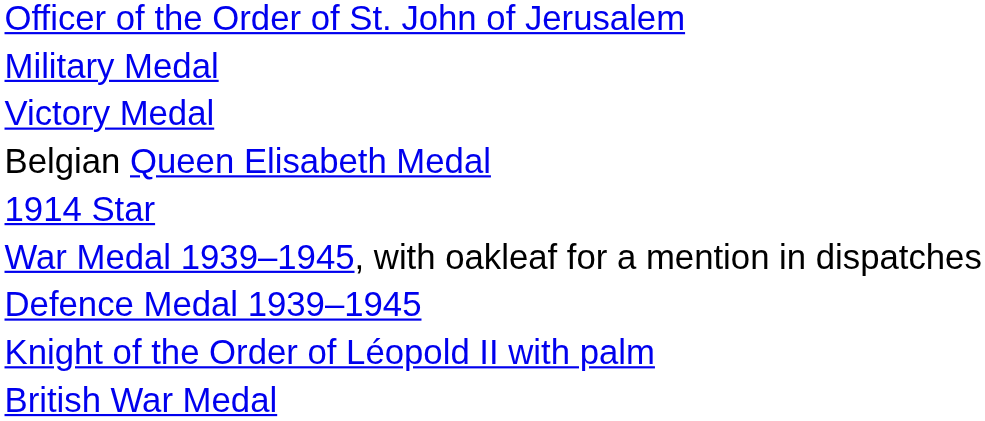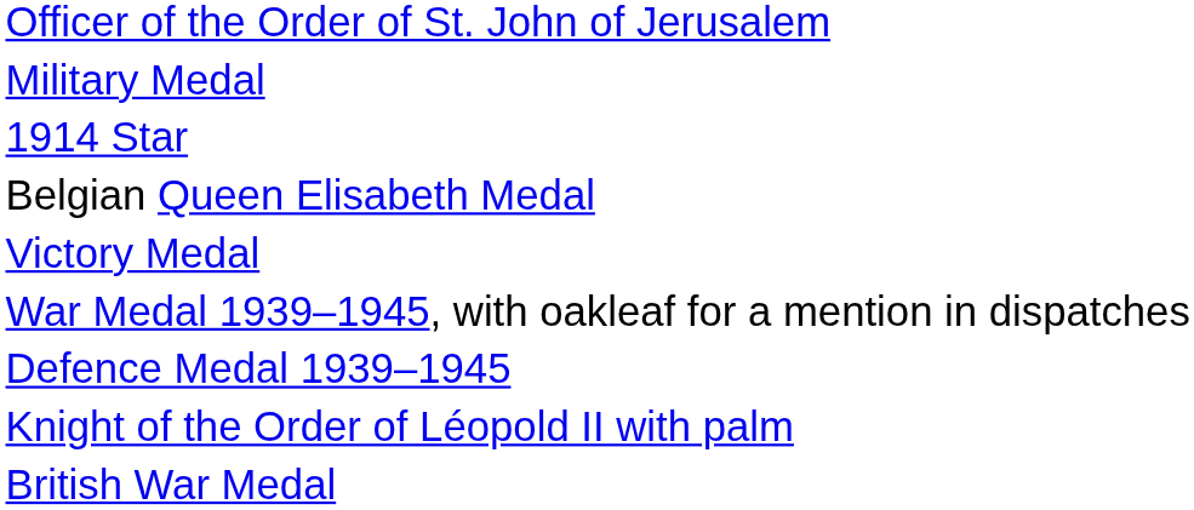 <table>
 <tr>
 <td> <a href='#'>Officer of the Order of St. John of Jerusalem</a></td>
 </tr>
 <tr>
 <td> <a href='#'>Military Medal</a></td>
 </tr>
 <tr>
-<td> <a href='#'>Victory Medal</a></td>
+<td> <a href='#'>1914 Star</a></td>
 </tr>
 <tr>
 <td> Belgian <a href='#'>Queen Elisabeth Medal</a></td>
 </tr>
 <tr>
-<td> <a href='#'>1914 Star</a></td>
+<td> <a href='#'>Victory Medal</a></td>
 </tr>
 <tr>
 <td> <a href='#'>War Medal 1939–1945</a>, with oakleaf for a mention in dispatches</td>
 </tr>
 <tr>
 <td> <a href='#'>Defence Medal 1939–1945</a></td>
 </tr>
 <tr>
 <td> <a href='#'>Knight of the Order of Léopold II with palm</a></td>
 </tr>
 <tr>
 <td> <a href='#'>British War Medal</a></td>
 </tr>
 </table>
